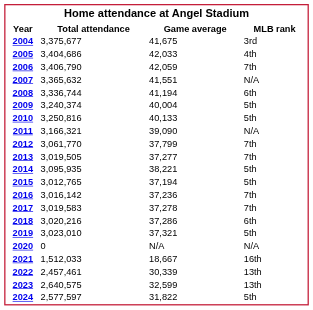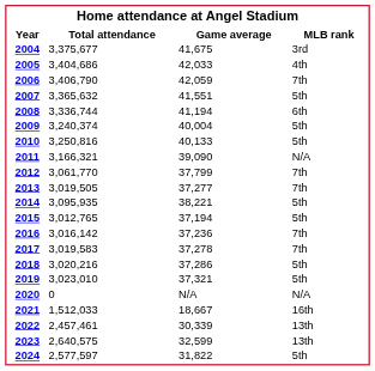 <table class="sortable defaultcenter col2right col3right" cellpadding="1" style="width:30%; font-size:90%; border:2px solid #C41E3A; margin-left:3.5%; margin-top:2%;">
 <tr style="text-align:center; font-size:larger;">
 <th colspan=5>Home attendance at Angel Stadium</th>
 </tr>
 <tr>
 <th scope="col">Year</th>
 <th scope="col">Total attendance</th>
 <th scope="col">Game average</th>
 <th scope="col">MLB rank</th>
 </tr>
 <tr>
 <th scope="row"><a href='#'>2004</a></th>
 <td>3,375,677</td>
 <td>41,675</td>
 <td>3rd</td>
 </tr>
 <tr>
 <th scope="row"><a href='#'>2005</a></th>
 <td>3,404,686</td>
 <td>42,033</td>
 <td>4th</td>
 </tr>
 <tr>
 <th scope="row"><a href='#'>2006</a></th>
 <td>3,406,790</td>
 <td>42,059</td>
 <td>7th</td>
 </tr>
 <tr>
 <th scope="row"><a href='#'>2007</a></th>
 <td>3,365,632</td>
 <td>41,551</td>
-<td>N/A</td>
+<td>5th</td>
 </tr>
 <tr>
 <th scope="row"><a href='#'>2008</a></th>
 <td>3,336,744</td>
 <td>41,194</td>
 <td>6th</td>
 </tr>
 <tr>
 <th scope="row"><a href='#'>2009</a></th>
 <td>3,240,374</td>
 <td>40,004</td>
 <td>5th</td>
 </tr>
 <tr>
 <th scope="row"><a href='#'>2010</a></th>
 <td>3,250,816</td>
 <td>40,133</td>
 <td>5th</td>
 </tr>
 <tr>
 <th scope="row"><a href='#'>2011</a></th>
 <td>3,166,321</td>
 <td>39,090</td>
 <td>N/A</td>
 </tr>
 <tr>
 <th scope="row"><a href='#'>2012</a></th>
 <td>3,061,770</td>
 <td>37,799</td>
 <td>7th</td>
 </tr>
 <tr>
 <th scope="row"><a href='#'>2013</a></th>
 <td>3,019,505</td>
 <td>37,277</td>
 <td>7th</td>
 </tr>
 <tr>
 <th scope="row"><a href='#'>2014</a></th>
 <td>3,095,935</td>
 <td>38,221</td>
 <td>5th</td>
 </tr>
 <tr>
 <th scope="row"><a href='#'>2015</a></th>
 <td>3,012,765</td>
 <td>37,194</td>
 <td>5th</td>
 </tr>
 <tr>
 <th scope="row"><a href='#'>2016</a></th>
 <td>3,016,142</td>
 <td>37,236</td>
 <td>7th</td>
 </tr>
 <tr>
 <th scope="row"><a href='#'>2017</a></th>
 <td>3,019,583</td>
 <td>37,278</td>
 <td>7th</td>
 </tr>
 <tr>
 <th scope="row"><a href='#'>2018</a></th>
 <td>3,020,216</td>
 <td>37,286</td>
-<td>6th</td>
+<td>5th</td>
 </tr>
 <tr>
 <th scope="row"><a href='#'>2019</a></th>
 <td>3,023,010</td>
 <td>37,321</td>
 <td>5th</td>
 </tr>
 <tr>
 <th scope="row"><a href='#'>2020</a></th>
 <td>0</td>
 <td>N/A</td>
 <td>N/A</td>
 </tr>
 <tr>
 <th scope="row"><a href='#'>2021</a></th>
 <td>1,512,033</td>
 <td>18,667</td>
 <td>16th</td>
 </tr>
 <tr>
 <th scope="row"><a href='#'>2022</a></th>
 <td>2,457,461</td>
 <td>30,339</td>
 <td>13th</td>
 </tr>
 <tr>
 <th scope="row"><a href='#'>2023</a></th>
 <td>2,640,575</td>
 <td>32,599</td>
 <td>13th</td>
 </tr>
 <tr>
 <th scope="row"><a href='#'>2024</a></th>
 <td>2,577,597</td>
 <td>31,822</td>
 <td>5th</td>
 </tr>
 </table>
